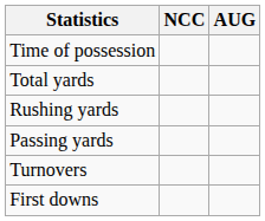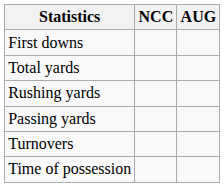 <table class="wikitable">
 <tr>
 <th>Statistics</th>
 <th>NCC</th>
 <th>AUG</th>
 </tr>
 <tr>
-<td>Time of possession</td>
+<td>First downs</td>
 <td></td>
 <td></td>
 </tr>
 <tr>
 <td>Total yards</td>
 <td></td>
 <td></td>
 </tr>
 <tr>
 <td>Rushing yards</td>
 <td></td>
 <td></td>
 </tr>
 <tr>
 <td>Passing yards</td>
 <td></td>
 <td></td>
 </tr>
 <tr>
 <td>Turnovers</td>
 <td></td>
 <td></td>
 </tr>
 <tr>
-<td>First downs</td>
+<td>Time of possession</td>
 <td></td>
 <td></td>
 </tr>
 <tr>
 </tr>
 </table>
